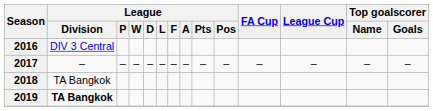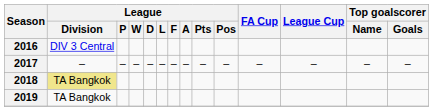 <table class="wikitable" style="text-align: center">
 <tr>
 <th rowspan=2>Season</th>
 <th colspan=9>League</th>
 <th rowspan=2><a href='#'>FA Cup</a></th>
 <th rowspan=2><a href='#'>League Cup</a></th>
 <th colspan=2>Top goalscorer</th>
 </tr>
 <tr>
 <th>Division</th>
 <th>P</th>
 <th>W</th>
 <th>D</th>
 <th>L</th>
 <th>F</th>
 <th>A</th>
 <th>Pts</th>
 <th>Pos</th>
 <th>Name</th>
 <th>Goals</th>
 </tr>
 <tr>
 <th>2016</th>
 <td><a href='#'>DIV 3 Central</a></td>
 <td></td>
 <td></td>
 <td></td>
 <td></td>
 <td></td>
 <td></td>
 <td></td>
 <td></td>
 <td></td>
 <td></td>
 <td></td>
 <td></td>
 </tr>
 <tr>
 <th>2017</th>
 <td>–</td>
 <td>–</td>
 <td>–</td>
 <td>–</td>
 <td>–</td>
 <td>–</td>
 <td>–</td>
 <td>–</td>
 <td>–</td>
 <td>–</td>
 <td>–</td>
 <td>–</td>
 <td>–</td>
 </tr>
 <tr>
 <th>2018</th>
-<td>TA Bangkok</td>
+<td style="background: khaki;">TA Bangkok</td>
 <td></td>
 <td></td>
 <td></td>
 <td></td>
 <td></td>
 <td></td>
 <td></td>
 <td></td>
 <td></td>
 <td></td>
 <td></td>
 <td></td>
 </tr>
 <tr>
 <th>2019</th>
-<td><strong>TA Bangkok</strong></td>
+<td>TA Bangkok</td>
 <td></td>
 <td></td>
 <td></td>
 <td></td>
 <td></td>
 <td></td>
 <td></td>
 <td></td>
 <td></td>
 <td></td>
 <td></td>
 <td></td>
 </tr>
 <tr>
 </tr>
 </table>
